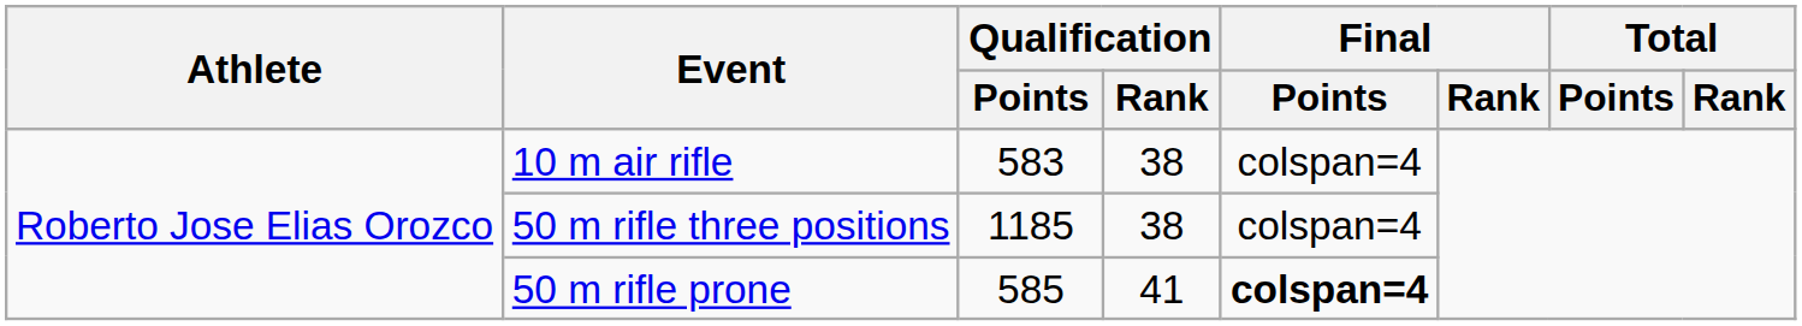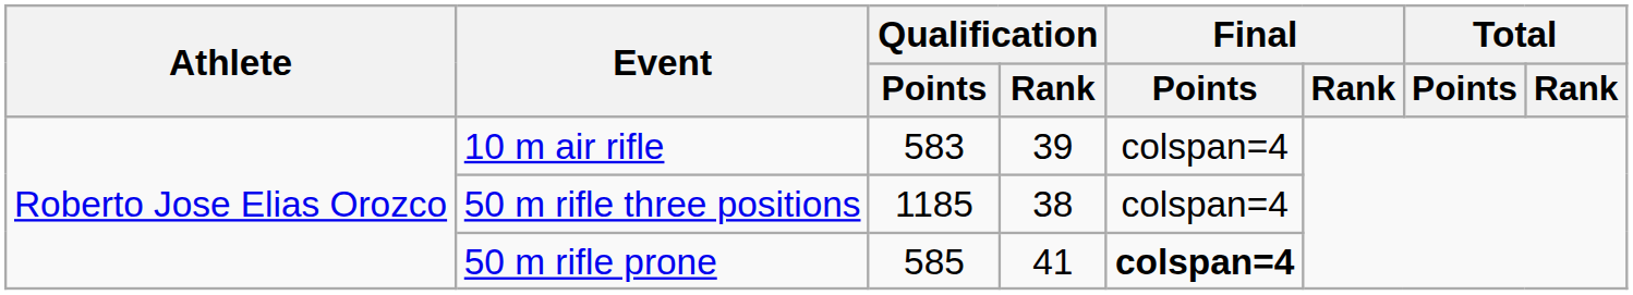 <table class=wikitable style=font-size:90%;text-align:center>
 <tr>
 <th rowspan=2>Athlete</th>
 <th rowspan=2>Event</th>
 <th colspan=2>Qualification</th>
 <th colspan=2>Final</th>
 <th colspan=2>Total</th>
 </tr>
 <tr style=font-size:95%>
 <th>Points</th>
 <th>Rank</th>
 <th>Points</th>
 <th>Rank</th>
 <th>Points</th>
 <th>Rank</th>
 </tr>
 <tr>
 <td align=left rowspan=3><a href='#'>Roberto Jose Elias Orozco</a></td>
 <td align=left><a href='#'>10 m air rifle</a></td>
 <td>583</td>
-<td>38</td>
+<td>39</td>
 <td>colspan=4 </td>
 </tr>
 <tr>
 <td align=left><a href='#'>50 m rifle three positions</a></td>
 <td>1185</td>
 <td>38</td>
 <td>colspan=4 </td>
 </tr>
 <tr>
 <td align=left><a href='#'>50 m rifle prone</a></td>
 <td>585</td>
 <td>41</td>
 <td><strong>colspan=4 </strong></td>
 </tr>
 </table>
